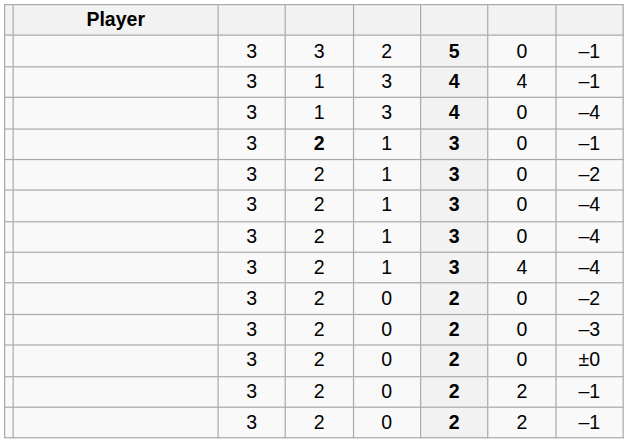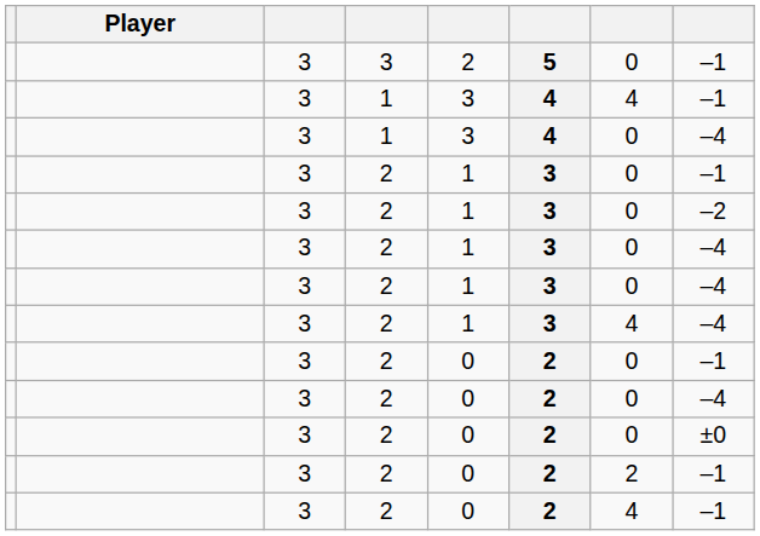 <table class="wikitable sortable" style="text-align: center">
 <tr>
 <th></th>
 <th style="width: 10em;">Player</th>
 <th style="width: 3em;"></th>
 <th style="width: 3em;"></th>
 <th style="width: 3em;"></th>
 <th style="width: 3em;"></th>
 <th style="width: 3em;"></th>
 <th style="width: 3em;"></th>
 </tr>
 <tr>
 <td></td>
 <td align="left"></td>
 <td>3</td>
 <td>3</td>
 <td>2</td>
 <th>5</th>
 <td>0</td>
 <td>–1</td>
 </tr>
 <tr>
 <td></td>
 <td align="left"></td>
 <td>3</td>
 <td>1</td>
 <td>3</td>
 <th>4</th>
 <td>4</td>
 <td>–1</td>
 </tr>
 <tr>
 <td></td>
 <td align="left"></td>
 <td>3</td>
 <td>1</td>
 <td>3</td>
 <th>4</th>
 <td>0</td>
 <td>–4</td>
 </tr>
 <tr>
 <td></td>
 <td align="left"></td>
 <td>3</td>
-<td><strong>2</strong></td>
+<td>2</td>
 <td>1</td>
 <th>3</th>
 <td>0</td>
 <td>–1</td>
 </tr>
 <tr>
 <td></td>
 <td align="left"></td>
 <td>3</td>
 <td>2</td>
 <td>1</td>
 <th>3</th>
 <td>0</td>
 <td>–2</td>
 </tr>
 <tr>
 <td></td>
 <td align="left"></td>
 <td>3</td>
 <td>2</td>
 <td>1</td>
 <th>3</th>
 <td>0</td>
 <td>–4</td>
 </tr>
 <tr>
 <td></td>
 <td align="left"></td>
 <td>3</td>
 <td>2</td>
 <td>1</td>
 <th>3</th>
 <td>0</td>
 <td>–4</td>
 </tr>
 <tr>
 <td></td>
 <td align="left"></td>
 <td>3</td>
 <td>2</td>
 <td>1</td>
 <th>3</th>
 <td>4</td>
 <td>–4</td>
 </tr>
 <tr>
 <td></td>
 <td align="left"></td>
 <td>3</td>
 <td>2</td>
 <td>0</td>
 <th>2</th>
 <td>0</td>
-<td>–2</td>
+<td>–1</td>
 </tr>
 <tr>
 <td></td>
 <td align="left"></td>
 <td>3</td>
 <td>2</td>
 <td>0</td>
 <th>2</th>
 <td>0</td>
-<td>–3</td>
+<td>–4</td>
 </tr>
 <tr>
 <td></td>
 <td align="left"></td>
 <td>3</td>
 <td>2</td>
 <td>0</td>
 <th>2</th>
 <td>0</td>
 <td>±0</td>
 </tr>
 <tr>
 <td></td>
 <td align="left"></td>
 <td>3</td>
 <td>2</td>
 <td>0</td>
 <th>2</th>
 <td>2</td>
 <td>–1</td>
 </tr>
 <tr>
 <td></td>
 <td align="left"></td>
 <td>3</td>
 <td>2</td>
 <td>0</td>
 <th>2</th>
-<td>2</td>
+<td>4</td>
 <td>–1</td>
 </tr>
 </table>
